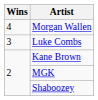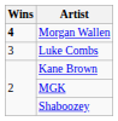 <table class="wikitable">
 <tr>
 <th>Wins</th>
 <th>Artist</th>
 </tr>
 <tr>
-<td>4</td>
+<td><strong>4</strong></td>
 <td><a href='#'>Morgan Wallen</a></td>
 </tr>
 <tr>
 <td>3</td>
 <td><a href='#'>Luke Combs</a></td>
 </tr>
 <tr>
 <td rowspan="3">2</td>
 <td><a href='#'>Kane Brown</a></td>
 </tr>
 <tr>
 <td><a href='#'>MGK</a></td>
 </tr>
 <tr>
 <td><a href='#'>Shaboozey</a></td>
 </tr>
 </table>
